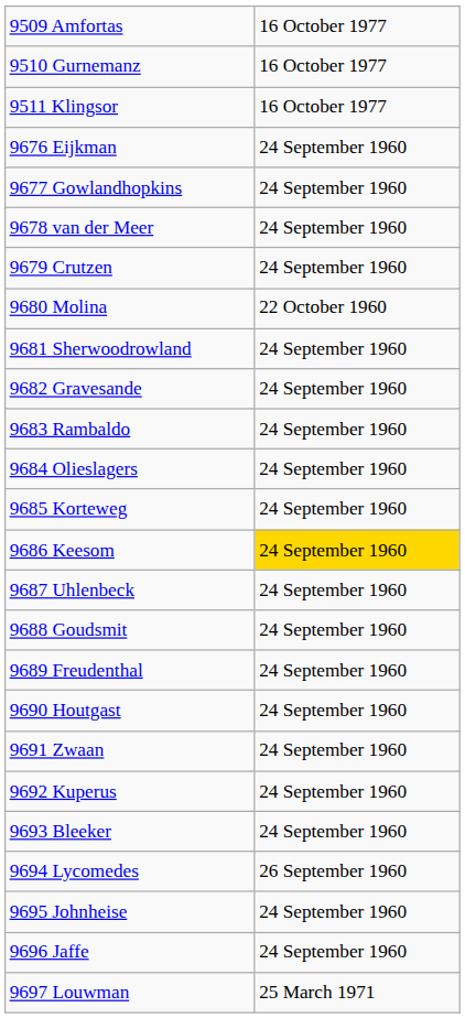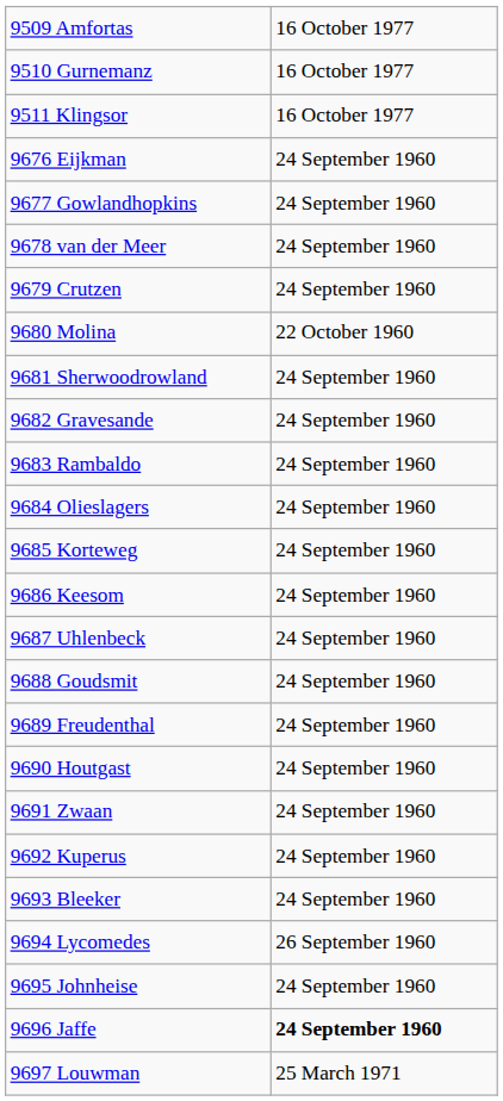 <table class="wikitable" style="font-size: 89%; float: left; width: 24em; margin-right: 1em; line-height: 1.65em">
 <tr>
 <td><a href='#'>9509 Amfortas</a></td>
 <td>16 October 1977</td>
 </tr>
 <tr>
 <td><a href='#'>9510 Gurnemanz</a></td>
 <td>16 October 1977</td>
 </tr>
 <tr>
 <td><a href='#'>9511 Klingsor</a></td>
 <td>16 October 1977</td>
 </tr>
 <tr>
 <td><a href='#'>9676 Eijkman</a></td>
 <td>24 September 1960</td>
 </tr>
 <tr>
 <td><a href='#'>9677 Gowlandhopkins</a></td>
 <td>24 September 1960</td>
 </tr>
 <tr>
 <td><a href='#'>9678 van der Meer</a></td>
 <td>24 September 1960</td>
 </tr>
 <tr>
 <td><a href='#'>9679 Crutzen</a></td>
 <td>24 September 1960</td>
 </tr>
 <tr>
 <td><a href='#'>9680 Molina</a></td>
 <td>22 October 1960</td>
 </tr>
 <tr>
 <td><a href='#'>9681 Sherwoodrowland</a></td>
 <td>24 September 1960</td>
 </tr>
 <tr>
 <td><a href='#'>9682 Gravesande</a></td>
 <td>24 September 1960</td>
 </tr>
 <tr>
 <td><a href='#'>9683 Rambaldo</a></td>
 <td>24 September 1960</td>
 </tr>
 <tr>
 <td><a href='#'>9684 Olieslagers</a></td>
 <td>24 September 1960</td>
 </tr>
 <tr>
 <td><a href='#'>9685 Korteweg</a></td>
 <td>24 September 1960</td>
 </tr>
 <tr>
 <td><a href='#'>9686 Keesom</a></td>
-<td style="background: gold;">24 September 1960</td>
+<td>24 September 1960</td>
 </tr>
 <tr>
 <td><a href='#'>9687 Uhlenbeck</a></td>
 <td>24 September 1960</td>
 </tr>
 <tr>
 <td><a href='#'>9688 Goudsmit</a></td>
 <td>24 September 1960</td>
 </tr>
 <tr>
 <td><a href='#'>9689 Freudenthal</a></td>
 <td>24 September 1960</td>
 </tr>
 <tr>
 <td><a href='#'>9690 Houtgast</a></td>
 <td>24 September 1960</td>
 </tr>
 <tr>
 <td><a href='#'>9691 Zwaan</a></td>
 <td>24 September 1960</td>
 </tr>
 <tr>
 <td><a href='#'>9692 Kuperus</a></td>
 <td>24 September 1960</td>
 </tr>
 <tr>
 <td><a href='#'>9693 Bleeker</a></td>
 <td>24 September 1960</td>
 </tr>
 <tr>
 <td><a href='#'>9694 Lycomedes</a></td>
 <td>26 September 1960</td>
 </tr>
 <tr>
 <td><a href='#'>9695 Johnheise</a></td>
 <td>24 September 1960</td>
 </tr>
 <tr>
 <td><a href='#'>9696 Jaffe</a></td>
-<td>24 September 1960</td>
+<td><strong>24 September 1960</strong></td>
 </tr>
 <tr>
 <td><a href='#'>9697 Louwman</a></td>
 <td>25 March 1971</td>
 </tr>
 </table>
